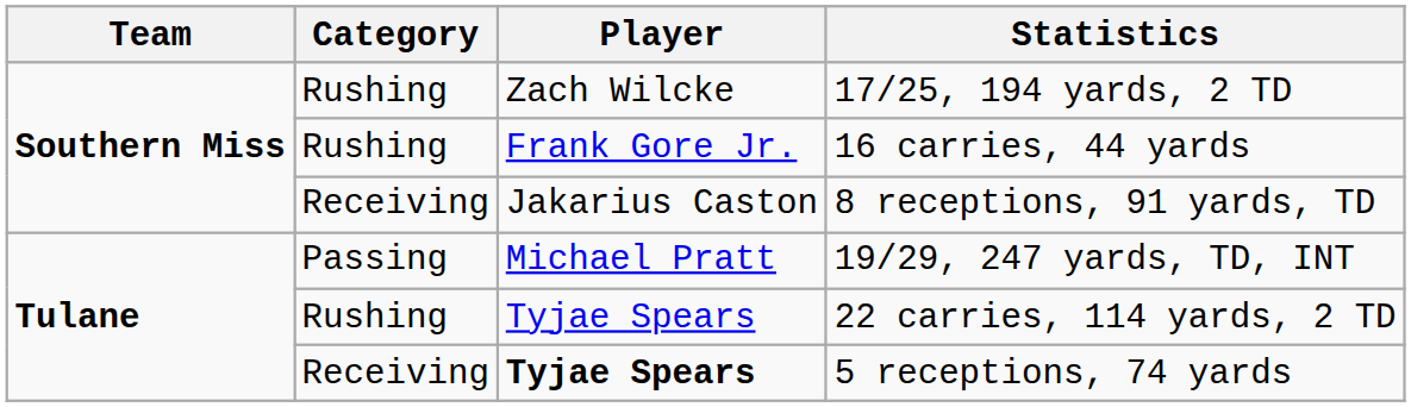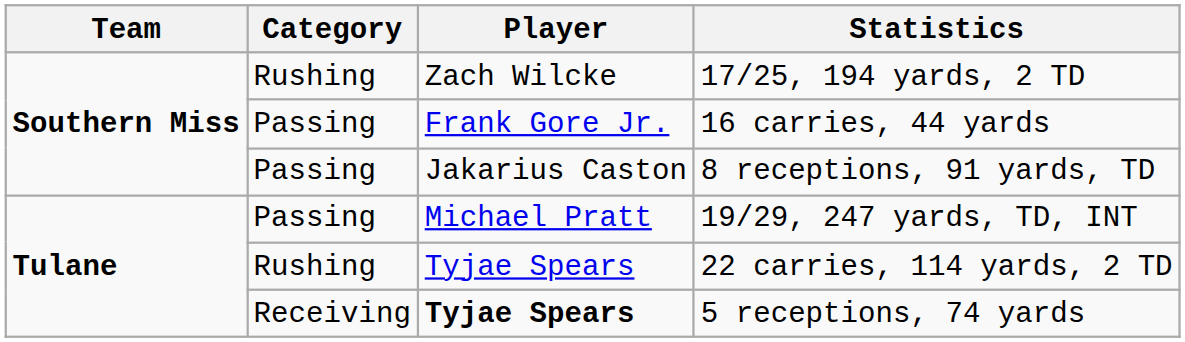 <table class="wikitable" style="float: right;">
 <tr>
 <th>Team</th>
 <th>Category</th>
 <th>Player</th>
 <th>Statistics</th>
 </tr>
 <tr>
 <td rowspan=3><strong>Southern Miss</strong></td>
 <td>Rushing</td>
 <td>Zach Wilcke</td>
 <td>17/25, 194 yards, 2 TD</td>
 </tr>
 <tr>
-<td>Rushing</td>
+<td>Passing</td>
 <td><a href='#'>Frank Gore Jr.</a></td>
 <td>16 carries, 44 yards</td>
 </tr>
 <tr>
-<td>Receiving</td>
+<td>Passing</td>
 <td>Jakarius Caston</td>
 <td>8 receptions, 91 yards, TD</td>
 </tr>
 <tr>
 <td rowspan=3><strong>Tulane</strong></td>
 <td>Passing</td>
 <td><a href='#'>Michael Pratt</a></td>
 <td>19/29, 247 yards, TD, INT</td>
 </tr>
 <tr>
 <td>Rushing</td>
 <td><a href='#'>Tyjae Spears</a></td>
 <td>22 carries, 114 yards, 2 TD</td>
 </tr>
 <tr>
 <td>Receiving</td>
 <td><strong>Tyjae Spears</strong></td>
 <td>5 receptions, 74 yards</td>
 </tr>
 </table>
